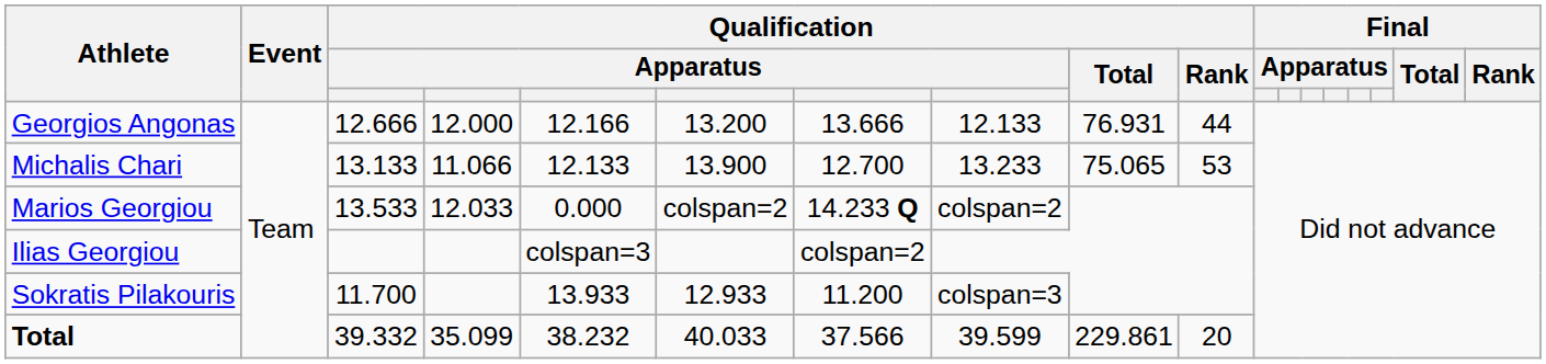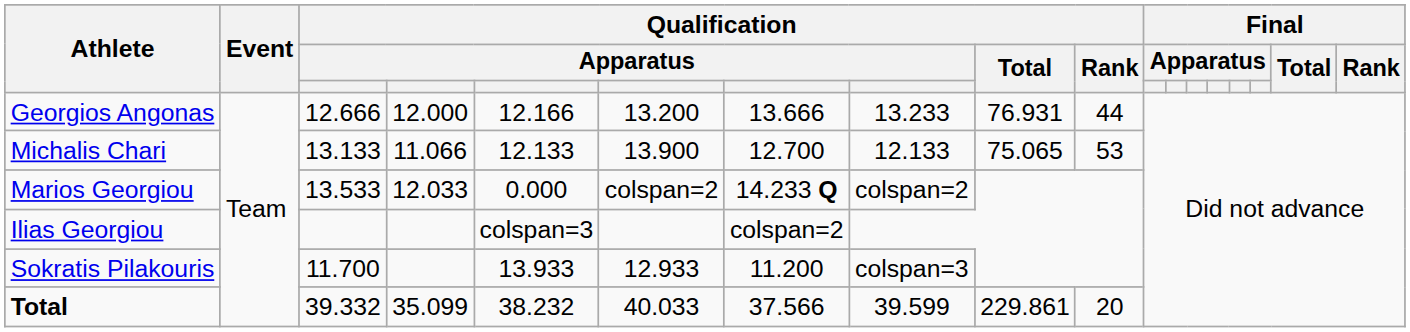 <table class="wikitable" style="font-size:90%">
 <tr>
 <th rowspan=3>Athlete</th>
 <th rowspan=3>Event</th>
 <th colspan =8>Qualification</th>
 <th colspan =8>Final</th>
 </tr>
 <tr style="font-size:95%">
 <th colspan=6>Apparatus</th>
 <th rowspan=2>Total</th>
 <th rowspan=2>Rank</th>
 <th colspan=6>Apparatus</th>
 <th rowspan=2>Total</th>
 <th rowspan=2>Rank</th>
 </tr>
 <tr style="font-size:95%">
 <th></th>
 <th></th>
 <th></th>
 <th></th>
 <th></th>
 <th></th>
 <th></th>
 <th></th>
 <th></th>
 <th></th>
 <th></th>
 <th></th>
 </tr>
 <tr align=center>
 <td align=left><a href='#'>Georgios Angonas</a></td>
 <td align=left rowspan=6>Team</td>
 <td>12.666</td>
 <td>12.000</td>
 <td>12.166</td>
 <td>13.200</td>
 <td>13.666</td>
-<td>12.133</td>
+<td>13.233</td>
 <td>76.931</td>
 <td>44</td>
 <td rowspan=6 colspan=8>Did not advance</td>
 </tr>
 <tr align=center>
 <td align=left><a href='#'>Michalis Chari</a></td>
 <td>13.133</td>
 <td>11.066</td>
 <td>12.133</td>
 <td>13.900</td>
 <td>12.700</td>
-<td>13.233</td>
+<td>12.133</td>
 <td>75.065</td>
 <td>53</td>
 </tr>
 <tr align=center>
 <td align=left><a href='#'>Marios Georgiou</a></td>
 <td>13.533</td>
 <td>12.033</td>
 <td>0.000</td>
 <td>colspan=2</td>
 <td>14.233 <strong>Q</strong></td>
 <td>colspan=2</td>
 </tr>
 <tr align=center>
 <td align=left><a href='#'>Ilias Georgiou</a></td>
 <td></td>
 <td></td>
 <td>colspan=3</td>
 <td></td>
 <td>colspan=2</td>
 </tr>
 <tr align=center>
 <td align=left><a href='#'>Sokratis Pilakouris</a></td>
 <td>11.700</td>
 <td></td>
 <td>13.933</td>
 <td>12.933</td>
 <td>11.200</td>
 <td>colspan=3</td>
 </tr>
 <tr align=center>
 <td align=left><strong>Total</strong></td>
 <td>39.332</td>
 <td>35.099</td>
 <td>38.232</td>
 <td>40.033</td>
 <td>37.566</td>
 <td>39.599</td>
 <td>229.861</td>
 <td>20</td>
 </tr>
 </table>
